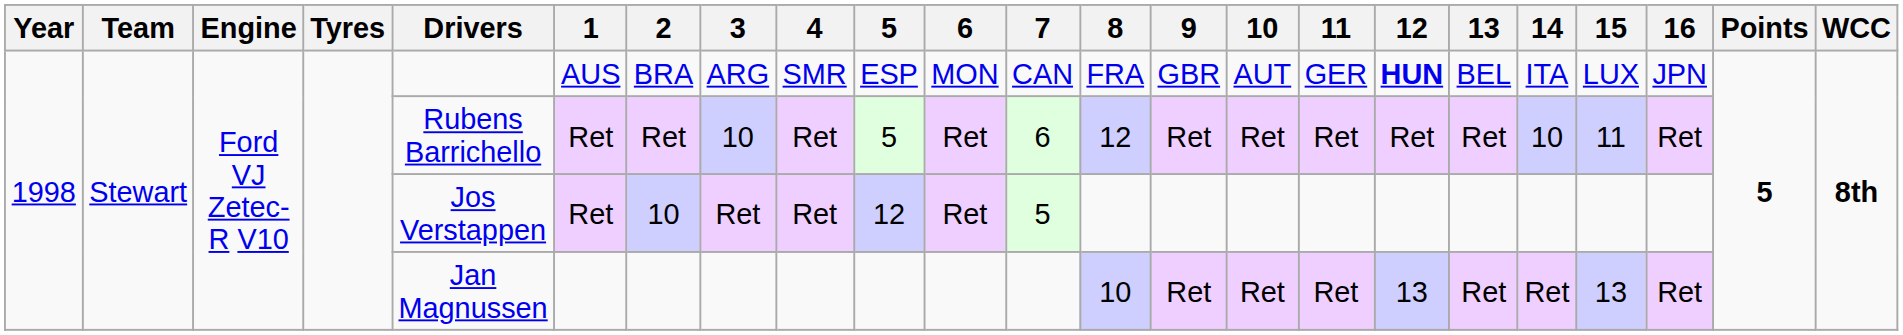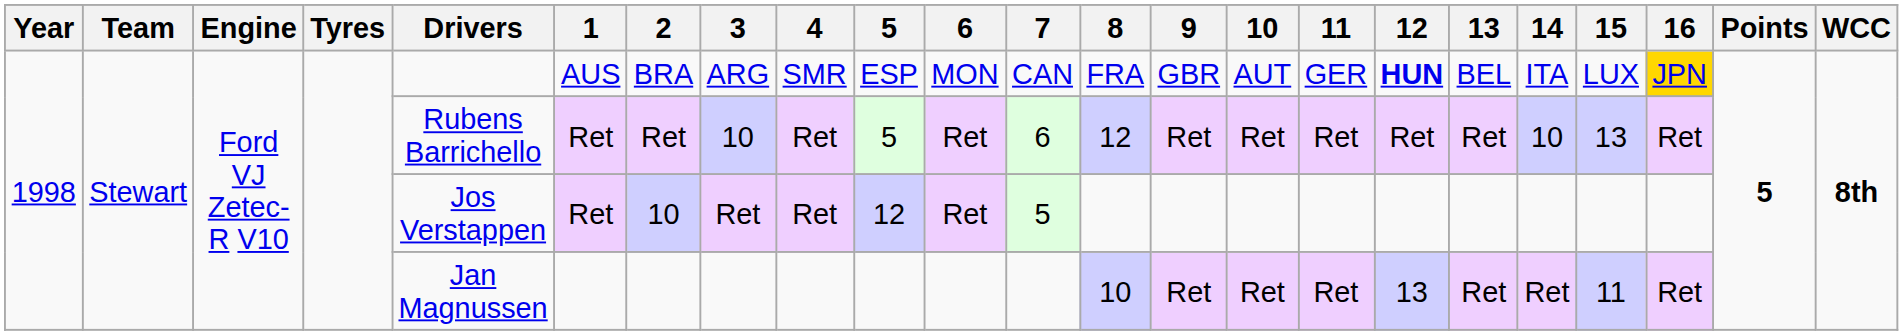 <table class="wikitable" style="text-align:center; font-size:95%">
 <tr>
 <th>Year</th>
 <th>Team</th>
 <th>Engine</th>
 <th>Tyres</th>
 <th>Drivers</th>
 <th>1</th>
 <th>2</th>
 <th>3</th>
 <th>4</th>
 <th>5</th>
 <th>6</th>
 <th>7</th>
 <th>8</th>
 <th>9</th>
 <th>10</th>
 <th>11</th>
 <th>12</th>
 <th>13</th>
 <th>14</th>
 <th>15</th>
 <th>16</th>
 <th>Points</th>
 <th>WCC</th>
 </tr>
 <tr>
 <td rowspan="4"><a href='#'>1998</a></td>
 <td rowspan="4"><a href='#'>Stewart</a></td>
 <td rowspan="4"><a href='#'>Ford VJ Zetec-R</a> <a href='#'>V10</a></td>
 <td rowspan="4"></td>
 <td></td>
 <td><a href='#'>AUS</a></td>
 <td><a href='#'>BRA</a></td>
 <td><a href='#'>ARG</a></td>
 <td><a href='#'>SMR</a></td>
 <td><a href='#'>ESP</a></td>
 <td><a href='#'>MON</a></td>
 <td><a href='#'>CAN</a></td>
 <td><a href='#'>FRA</a></td>
 <td><a href='#'>GBR</a></td>
 <td><a href='#'>AUT</a></td>
 <td><a href='#'>GER</a></td>
 <td><strong><a href='#'>HUN</a></strong></td>
 <td><a href='#'>BEL</a></td>
 <td><a href='#'>ITA</a></td>
 <td><a href='#'>LUX</a></td>
-<td><a href='#'>JPN</a></td>
+<td style="background: gold;"><a href='#'>JPN</a></td>
 <td rowspan="4"><strong>5</strong></td>
 <td rowspan="4"><strong>8th</strong></td>
 </tr>
 <tr>
 <td><a href='#'>Rubens Barrichello</a></td>
 <td style="background:#EFCFFF;">Ret</td>
 <td style="background:#EFCFFF;">Ret</td>
 <td style="background:#CFCFFF;">10</td>
 <td style="background:#EFCFFF;">Ret</td>
 <td style="background:#DFFFDF;">5</td>
 <td style="background:#EFCFFF;">Ret</td>
 <td style="background:#DFFFDF;">6</td>
 <td style="background:#CFCFFF;">12</td>
 <td style="background:#EFCFFF;">Ret</td>
 <td style="background:#EFCFFF;">Ret</td>
 <td style="background:#EFCFFF;">Ret</td>
 <td style="background:#EFCFFF;">Ret</td>
 <td style="background:#EFCFFF;">Ret</td>
 <td style="background:#CFCFFF;">10</td>
-<td style="background:#CFCFFF;">11</td>
+<td style="background:#CFCFFF;">13</td>
 <td style="background:#EFCFFF;">Ret</td>
 </tr>
 <tr>
 <td><a href='#'>Jos Verstappen</a></td>
 <td style="background:#EFCFFF;">Ret</td>
 <td style="background:#CFCFFF;">10</td>
 <td style="background:#EFCFFF;">Ret</td>
 <td style="background:#EFCFFF;">Ret</td>
 <td style="background:#CFCFFF;">12</td>
 <td style="background:#EFCFFF;">Ret</td>
 <td style="background:#DFFFDF;">5</td>
 <td></td>
 <td></td>
 <td></td>
 <td></td>
 <td></td>
 <td></td>
 <td></td>
 <td></td>
 <td></td>
 </tr>
 <tr>
 <td><a href='#'>Jan Magnussen</a></td>
 <td></td>
 <td></td>
 <td></td>
 <td></td>
 <td></td>
 <td></td>
 <td></td>
 <td style="background:#CFCFFF;">10</td>
 <td style="background:#EFCFFF;">Ret</td>
 <td style="background:#EFCFFF;">Ret</td>
 <td style="background:#EFCFFF;">Ret</td>
 <td style="background:#CFCFFF;">13</td>
 <td style="background:#EFCFFF;">Ret</td>
 <td style="background:#EFCFFF;">Ret</td>
-<td style="background:#CFCFFF;">13</td>
+<td style="background:#CFCFFF;">11</td>
 <td style="background:#EFCFFF;">Ret</td>
 </tr>
 </table>
